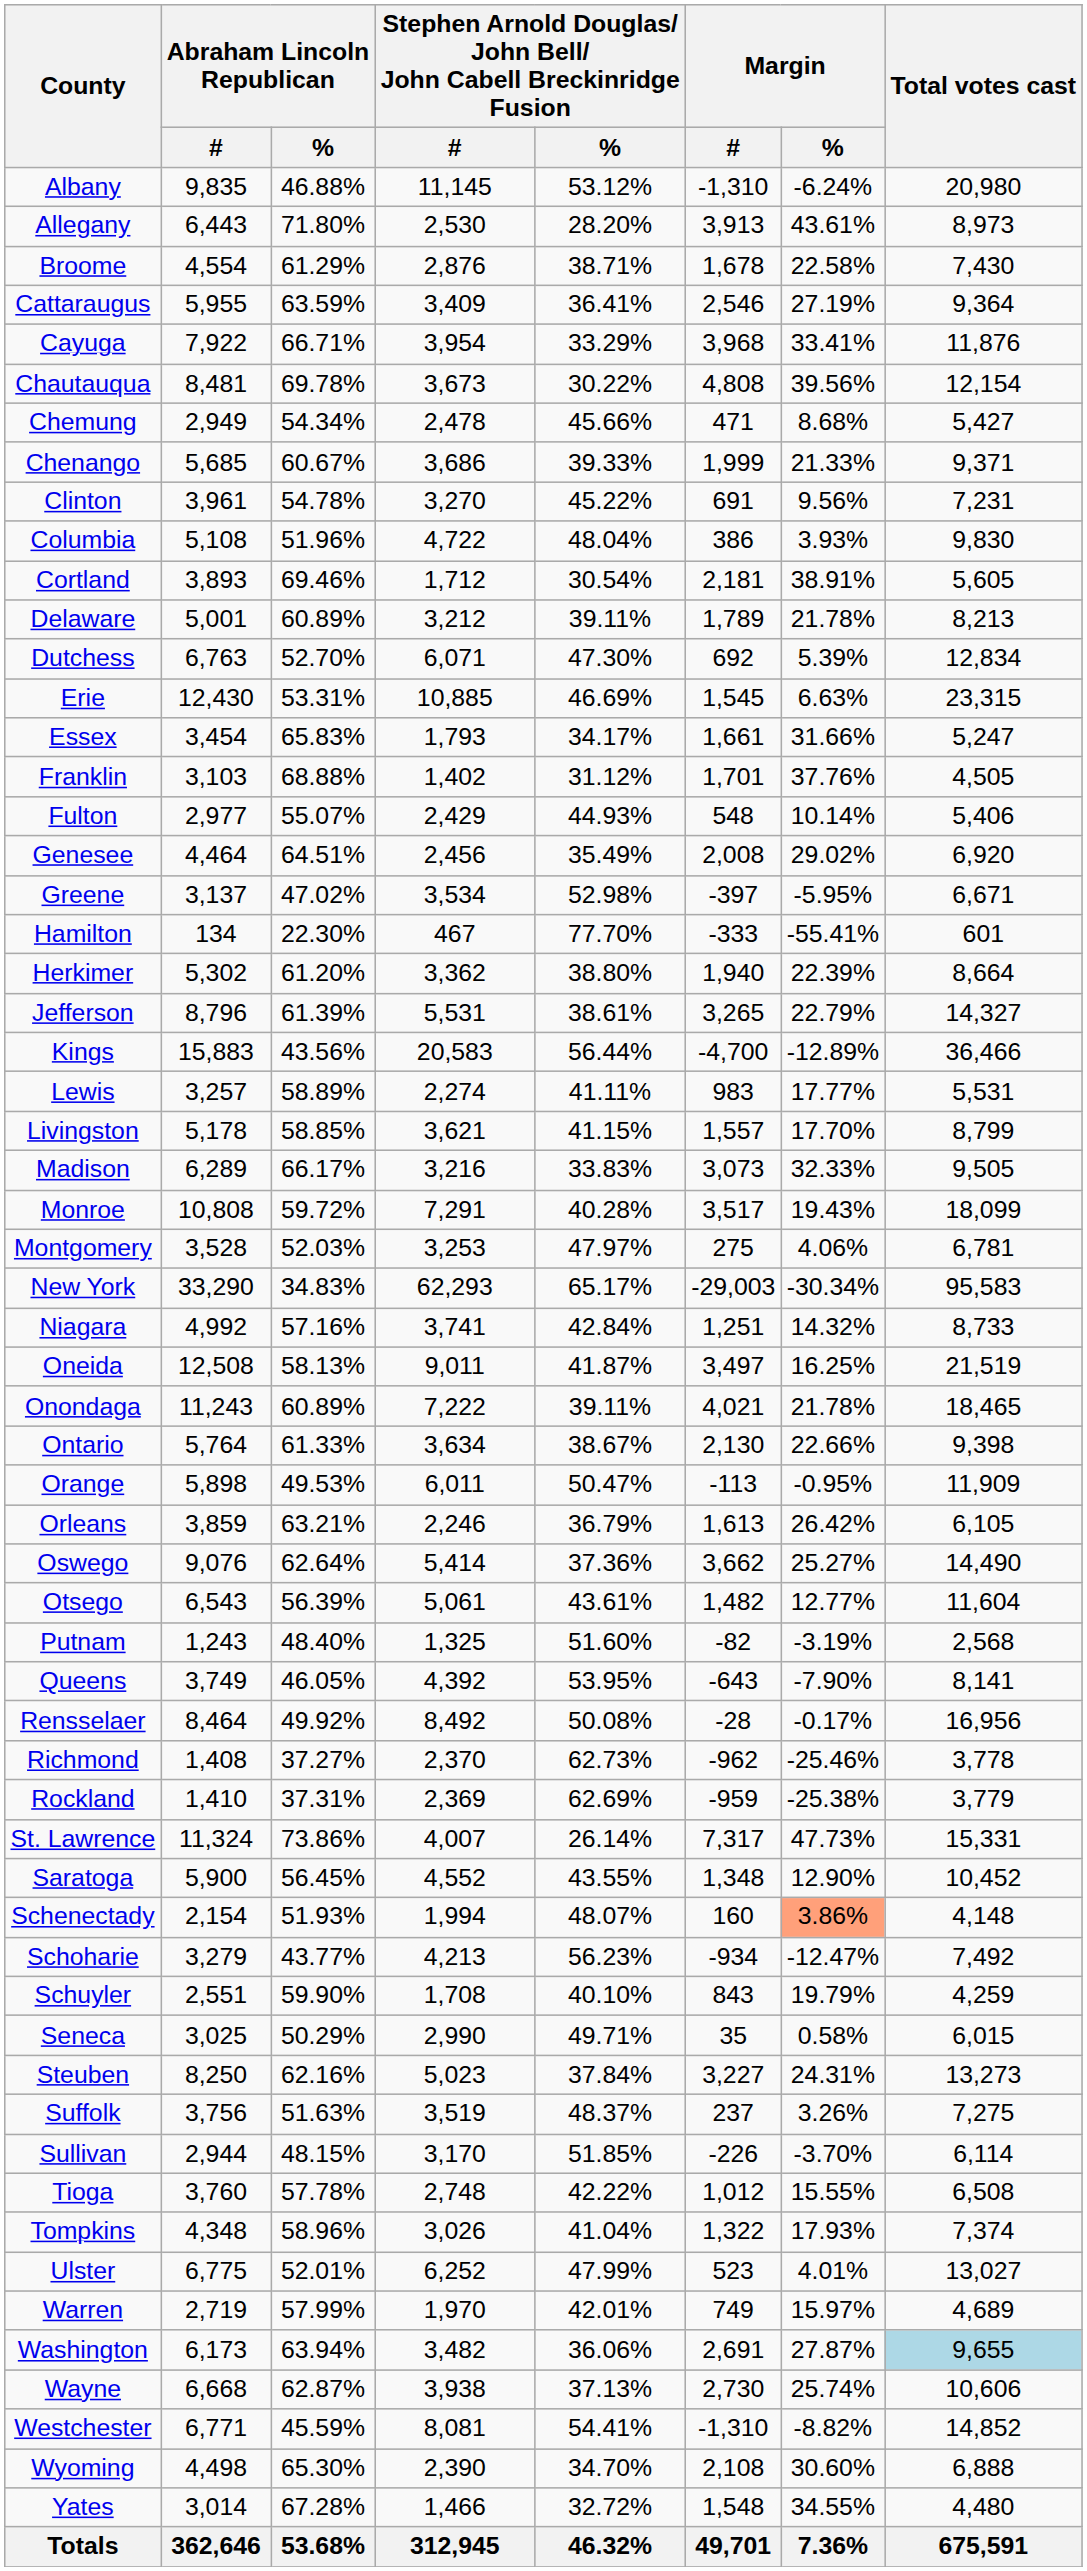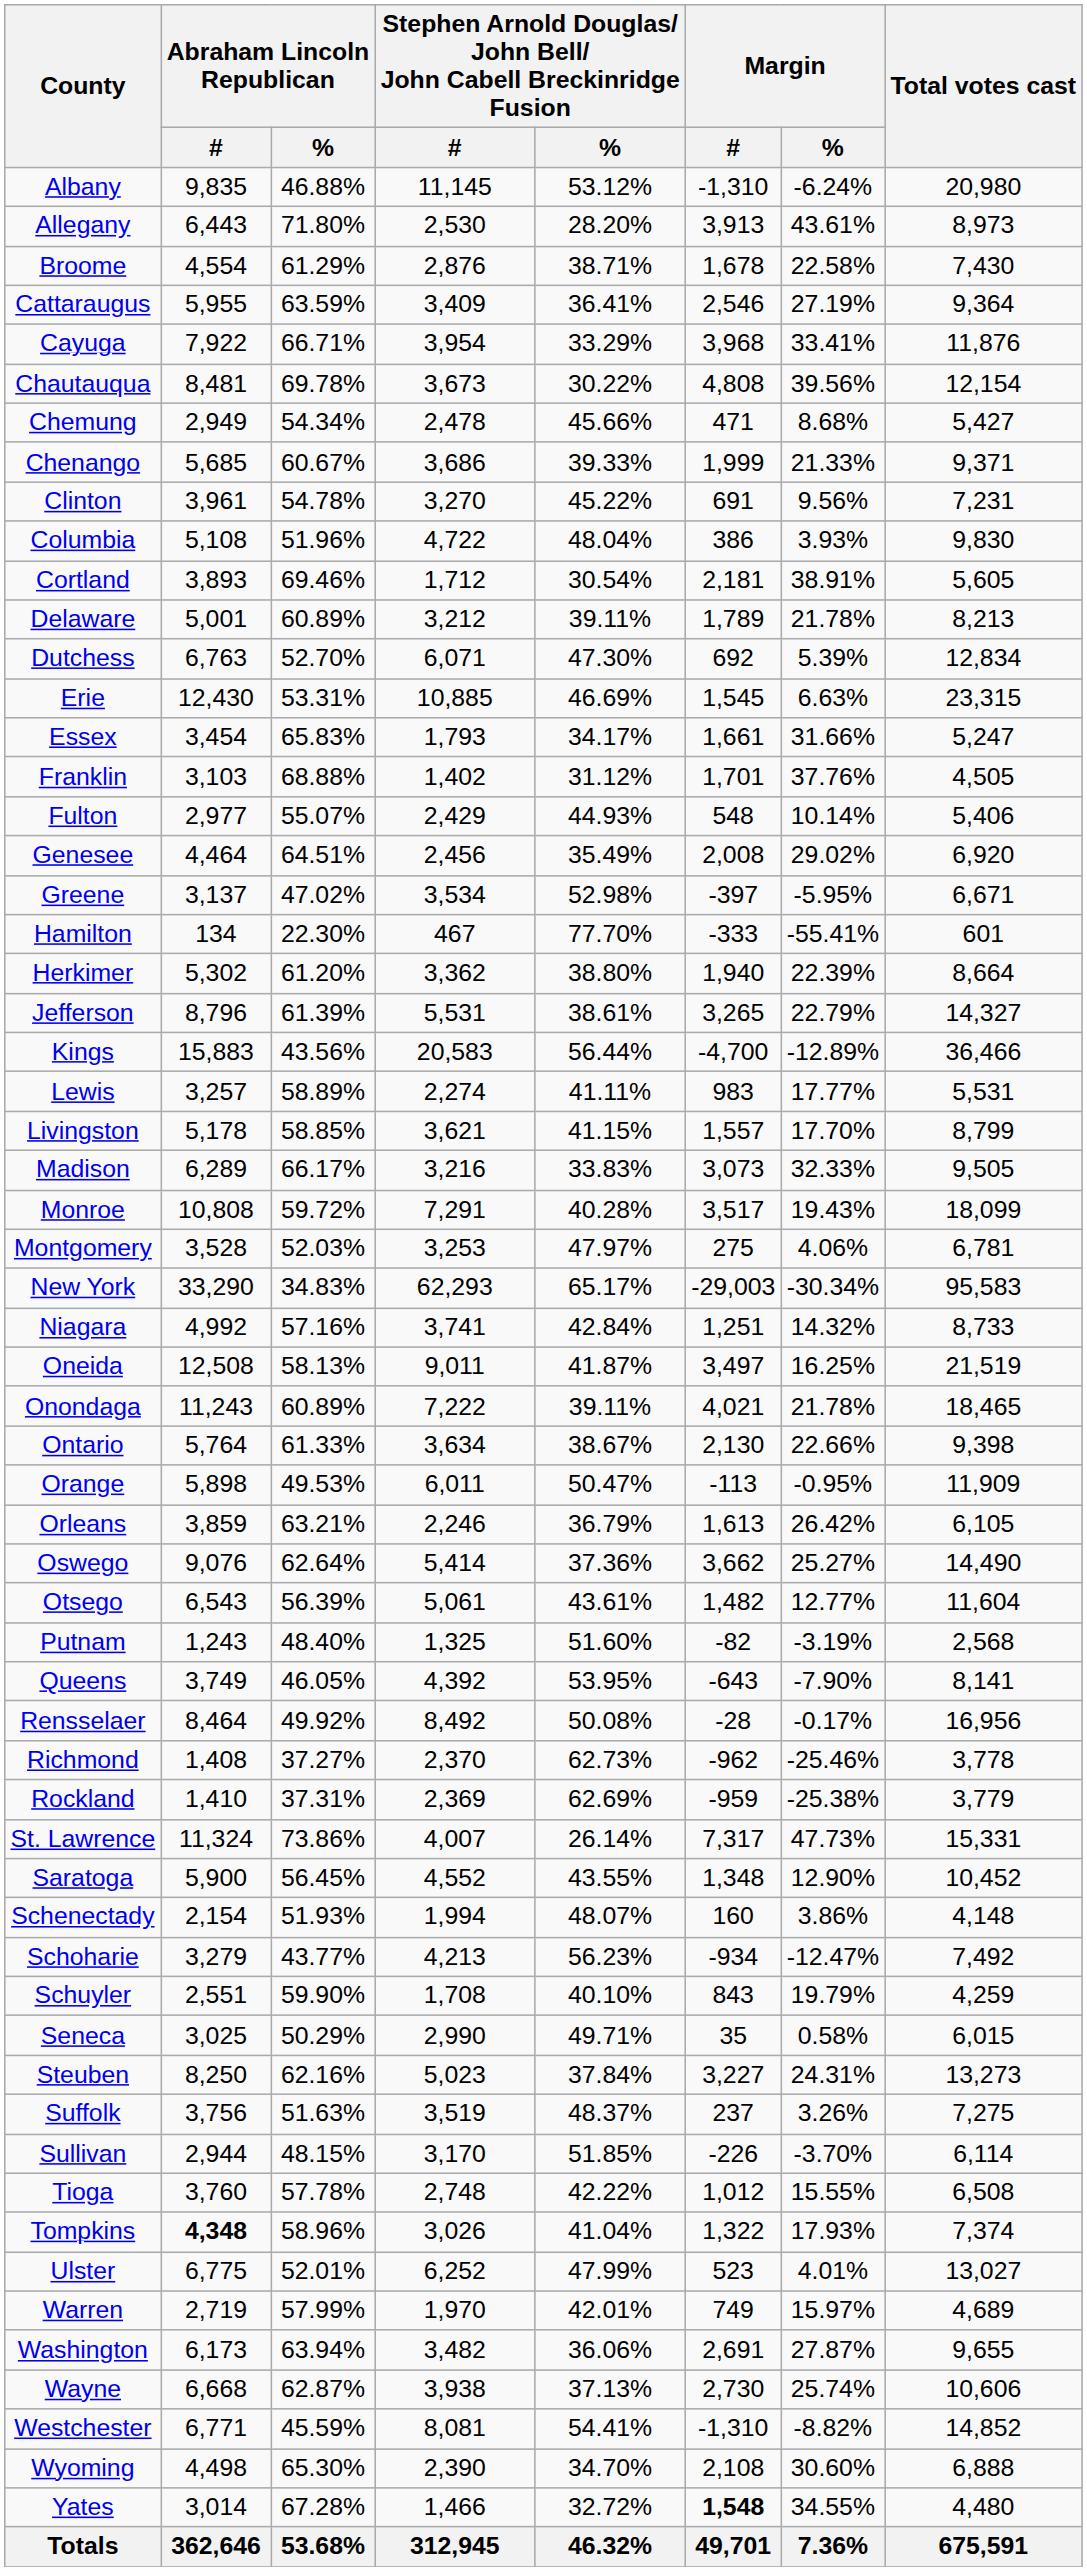 <table class="wikitable sortable">
 <tr>
 <th rowspan="2">County</th>
 <th colspan="2">Abraham Lincoln<br>Republican</th>
 <th colspan="2">Stephen Arnold Douglas/<br>John Bell/<br>John Cabell Breckinridge<br>Fusion</th>
 <th colspan="2">Margin</th>
 <th rowspan="2">Total votes cast</th>
 </tr>
 <tr>
 <th data-sort-type="number">#</th>
 <th data-sort-type="number">%</th>
 <th data-sort-type="number">#</th>
 <th data-sort-type="number">%</th>
 <th data-sort-type="number">#</th>
 <th data-sort-type="number">%</th>
 </tr>
 <tr style="text-align:center">
 <td><a href='#'>Albany</a></td>
 <td>9,835</td>
 <td>46.88%</td>
 <td>11,145</td>
 <td>53.12%</td>
 <td>-1,310</td>
 <td>-6.24%</td>
 <td>20,980</td>
 </tr>
 <tr style="text-align:center">
 <td><a href='#'>Allegany</a></td>
 <td>6,443</td>
 <td>71.80%</td>
 <td>2,530</td>
 <td>28.20%</td>
 <td>3,913</td>
 <td>43.61%</td>
 <td>8,973</td>
 </tr>
 <tr style="text-align:center">
 <td><a href='#'>Broome</a></td>
 <td>4,554</td>
 <td>61.29%</td>
 <td>2,876</td>
 <td>38.71%</td>
 <td>1,678</td>
 <td>22.58%</td>
 <td>7,430</td>
 </tr>
 <tr style="text-align:center">
 <td><a href='#'>Cattaraugus</a></td>
 <td>5,955</td>
 <td>63.59%</td>
 <td>3,409</td>
 <td>36.41%</td>
 <td>2,546</td>
 <td>27.19%</td>
 <td>9,364</td>
 </tr>
 <tr style="text-align:center">
 <td><a href='#'>Cayuga</a></td>
 <td>7,922</td>
 <td>66.71%</td>
 <td>3,954</td>
 <td>33.29%</td>
 <td>3,968</td>
 <td>33.41%</td>
 <td>11,876</td>
 </tr>
 <tr style="text-align:center">
 <td><a href='#'>Chautauqua</a></td>
 <td>8,481</td>
 <td>69.78%</td>
 <td>3,673</td>
 <td>30.22%</td>
 <td>4,808</td>
 <td>39.56%</td>
 <td>12,154</td>
 </tr>
 <tr style="text-align:center">
 <td><a href='#'>Chemung</a></td>
 <td>2,949</td>
 <td>54.34%</td>
 <td>2,478</td>
 <td>45.66%</td>
 <td>471</td>
 <td>8.68%</td>
 <td>5,427</td>
 </tr>
 <tr style="text-align:center">
 <td><a href='#'>Chenango</a></td>
 <td>5,685</td>
 <td>60.67%</td>
 <td>3,686</td>
 <td>39.33%</td>
 <td>1,999</td>
 <td>21.33%</td>
 <td>9,371</td>
 </tr>
 <tr style="text-align:center">
 <td><a href='#'>Clinton</a></td>
 <td>3,961</td>
 <td>54.78%</td>
 <td>3,270</td>
 <td>45.22%</td>
 <td>691</td>
 <td>9.56%</td>
 <td>7,231</td>
 </tr>
 <tr style="text-align:center">
 <td><a href='#'>Columbia</a></td>
 <td>5,108</td>
 <td>51.96%</td>
 <td>4,722</td>
 <td>48.04%</td>
 <td>386</td>
 <td>3.93%</td>
 <td>9,830</td>
 </tr>
 <tr style="text-align:center">
 <td><a href='#'>Cortland</a></td>
 <td>3,893</td>
 <td>69.46%</td>
 <td>1,712</td>
 <td>30.54%</td>
 <td>2,181</td>
 <td>38.91%</td>
 <td>5,605</td>
 </tr>
 <tr style="text-align:center">
 <td><a href='#'>Delaware</a></td>
 <td>5,001</td>
 <td>60.89%</td>
 <td>3,212</td>
 <td>39.11%</td>
 <td>1,789</td>
 <td>21.78%</td>
 <td>8,213</td>
 </tr>
 <tr style="text-align:center">
 <td><a href='#'>Dutchess</a></td>
 <td>6,763</td>
 <td>52.70%</td>
 <td>6,071</td>
 <td>47.30%</td>
 <td>692</td>
 <td>5.39%</td>
 <td>12,834</td>
 </tr>
 <tr style="text-align:center">
 <td><a href='#'>Erie</a></td>
 <td>12,430</td>
 <td>53.31%</td>
 <td>10,885</td>
 <td>46.69%</td>
 <td>1,545</td>
 <td>6.63%</td>
 <td>23,315</td>
 </tr>
 <tr style="text-align:center">
 <td><a href='#'>Essex</a></td>
 <td>3,454</td>
 <td>65.83%</td>
 <td>1,793</td>
 <td>34.17%</td>
 <td>1,661</td>
 <td>31.66%</td>
 <td>5,247</td>
 </tr>
 <tr style="text-align:center">
 <td><a href='#'>Franklin</a></td>
 <td>3,103</td>
 <td>68.88%</td>
 <td>1,402</td>
 <td>31.12%</td>
 <td>1,701</td>
 <td>37.76%</td>
 <td>4,505</td>
 </tr>
 <tr style="text-align:center">
 <td><a href='#'>Fulton</a></td>
 <td>2,977</td>
 <td>55.07%</td>
 <td>2,429</td>
 <td>44.93%</td>
 <td>548</td>
 <td>10.14%</td>
 <td>5,406</td>
 </tr>
 <tr style="text-align:center">
 <td><a href='#'>Genesee</a></td>
 <td>4,464</td>
 <td>64.51%</td>
 <td>2,456</td>
 <td>35.49%</td>
 <td>2,008</td>
 <td>29.02%</td>
 <td>6,920</td>
 </tr>
 <tr style="text-align:center">
 <td><a href='#'>Greene</a></td>
 <td>3,137</td>
 <td>47.02%</td>
 <td>3,534</td>
 <td>52.98%</td>
 <td>-397</td>
 <td>-5.95%</td>
 <td>6,671</td>
 </tr>
 <tr style="text-align:center">
 <td><a href='#'>Hamilton</a></td>
 <td>134</td>
 <td>22.30%</td>
 <td>467</td>
 <td>77.70%</td>
 <td>-333</td>
 <td>-55.41%</td>
 <td>601</td>
 </tr>
 <tr style="text-align:center">
 <td><a href='#'>Herkimer</a></td>
 <td>5,302</td>
 <td>61.20%</td>
 <td>3,362</td>
 <td>38.80%</td>
 <td>1,940</td>
 <td>22.39%</td>
 <td>8,664</td>
 </tr>
 <tr style="text-align:center">
 <td><a href='#'>Jefferson</a></td>
 <td>8,796</td>
 <td>61.39%</td>
 <td>5,531</td>
 <td>38.61%</td>
 <td>3,265</td>
 <td>22.79%</td>
 <td>14,327</td>
 </tr>
 <tr style="text-align:center">
 <td><a href='#'>Kings</a></td>
 <td>15,883</td>
 <td>43.56%</td>
 <td>20,583</td>
 <td>56.44%</td>
 <td>-4,700</td>
 <td>-12.89%</td>
 <td>36,466</td>
 </tr>
 <tr style="text-align:center">
 <td><a href='#'>Lewis</a></td>
 <td>3,257</td>
 <td>58.89%</td>
 <td>2,274</td>
 <td>41.11%</td>
 <td>983</td>
 <td>17.77%</td>
 <td>5,531</td>
 </tr>
 <tr style="text-align:center">
 <td><a href='#'>Livingston</a></td>
 <td>5,178</td>
 <td>58.85%</td>
 <td>3,621</td>
 <td>41.15%</td>
 <td>1,557</td>
 <td>17.70%</td>
 <td>8,799</td>
 </tr>
 <tr style="text-align:center">
 <td><a href='#'>Madison</a></td>
 <td>6,289</td>
 <td>66.17%</td>
 <td>3,216</td>
 <td>33.83%</td>
 <td>3,073</td>
 <td>32.33%</td>
 <td>9,505</td>
 </tr>
 <tr style="text-align:center">
 <td><a href='#'>Monroe</a></td>
 <td>10,808</td>
 <td>59.72%</td>
 <td>7,291</td>
 <td>40.28%</td>
 <td>3,517</td>
 <td>19.43%</td>
 <td>18,099</td>
 </tr>
 <tr style="text-align:center">
 <td><a href='#'>Montgomery</a></td>
 <td>3,528</td>
 <td>52.03%</td>
 <td>3,253</td>
 <td>47.97%</td>
 <td>275</td>
 <td>4.06%</td>
 <td>6,781</td>
 </tr>
 <tr style="text-align:center">
 <td><a href='#'>New York</a></td>
 <td>33,290</td>
 <td>34.83%</td>
 <td>62,293</td>
 <td>65.17%</td>
 <td>-29,003</td>
 <td>-30.34%</td>
 <td>95,583</td>
 </tr>
 <tr style="text-align:center">
 <td><a href='#'>Niagara</a></td>
 <td>4,992</td>
 <td>57.16%</td>
 <td>3,741</td>
 <td>42.84%</td>
 <td>1,251</td>
 <td>14.32%</td>
 <td>8,733</td>
 </tr>
 <tr style="text-align:center">
 <td><a href='#'>Oneida</a></td>
 <td>12,508</td>
 <td>58.13%</td>
 <td>9,011</td>
 <td>41.87%</td>
 <td>3,497</td>
 <td>16.25%</td>
 <td>21,519</td>
 </tr>
 <tr style="text-align:center">
 <td><a href='#'>Onondaga</a></td>
 <td>11,243</td>
 <td>60.89%</td>
 <td>7,222</td>
 <td>39.11%</td>
 <td>4,021</td>
 <td>21.78%</td>
 <td>18,465</td>
 </tr>
 <tr style="text-align:center">
 <td><a href='#'>Ontario</a></td>
 <td>5,764</td>
 <td>61.33%</td>
 <td>3,634</td>
 <td>38.67%</td>
 <td>2,130</td>
 <td>22.66%</td>
 <td>9,398</td>
 </tr>
 <tr style="text-align:center">
 <td><a href='#'>Orange</a></td>
 <td>5,898</td>
 <td>49.53%</td>
 <td>6,011</td>
 <td>50.47%</td>
 <td>-113</td>
 <td>-0.95%</td>
 <td>11,909</td>
 </tr>
 <tr style="text-align:center">
 <td><a href='#'>Orleans</a></td>
 <td>3,859</td>
 <td>63.21%</td>
 <td>2,246</td>
 <td>36.79%</td>
 <td>1,613</td>
 <td>26.42%</td>
 <td>6,105</td>
 </tr>
 <tr style="text-align:center">
 <td><a href='#'>Oswego</a></td>
 <td>9,076</td>
 <td>62.64%</td>
 <td>5,414</td>
 <td>37.36%</td>
 <td>3,662</td>
 <td>25.27%</td>
 <td>14,490</td>
 </tr>
 <tr style="text-align:center">
 <td><a href='#'>Otsego</a></td>
 <td>6,543</td>
 <td>56.39%</td>
 <td>5,061</td>
 <td>43.61%</td>
 <td>1,482</td>
 <td>12.77%</td>
 <td>11,604</td>
 </tr>
 <tr style="text-align:center">
 <td><a href='#'>Putnam</a></td>
 <td>1,243</td>
 <td>48.40%</td>
 <td>1,325</td>
 <td>51.60%</td>
 <td>-82</td>
 <td>-3.19%</td>
 <td>2,568</td>
 </tr>
 <tr style="text-align:center">
 <td><a href='#'>Queens</a></td>
 <td>3,749</td>
 <td>46.05%</td>
 <td>4,392</td>
 <td>53.95%</td>
 <td>-643</td>
 <td>-7.90%</td>
 <td>8,141</td>
 </tr>
 <tr style="text-align:center">
 <td><a href='#'>Rensselaer</a></td>
 <td>8,464</td>
 <td>49.92%</td>
 <td>8,492</td>
 <td>50.08%</td>
 <td>-28</td>
 <td>-0.17%</td>
 <td>16,956</td>
 </tr>
 <tr style="text-align:center">
 <td><a href='#'>Richmond</a></td>
 <td>1,408</td>
 <td>37.27%</td>
 <td>2,370</td>
 <td>62.73%</td>
 <td>-962</td>
 <td>-25.46%</td>
 <td>3,778</td>
 </tr>
 <tr style="text-align:center">
 <td><a href='#'>Rockland</a></td>
 <td>1,410</td>
 <td>37.31%</td>
 <td>2,369</td>
 <td>62.69%</td>
 <td>-959</td>
 <td>-25.38%</td>
 <td>3,779</td>
 </tr>
 <tr style="text-align:center">
 <td><a href='#'>St. Lawrence</a></td>
 <td>11,324</td>
 <td>73.86%</td>
 <td>4,007</td>
 <td>26.14%</td>
 <td>7,317</td>
 <td>47.73%</td>
 <td>15,331</td>
 </tr>
 <tr style="text-align:center">
 <td><a href='#'>Saratoga</a></td>
 <td>5,900</td>
 <td>56.45%</td>
 <td>4,552</td>
 <td>43.55%</td>
 <td>1,348</td>
 <td>12.90%</td>
 <td>10,452</td>
 </tr>
 <tr style="text-align:center">
 <td><a href='#'>Schenectady</a></td>
 <td>2,154</td>
 <td>51.93%</td>
 <td>1,994</td>
 <td>48.07%</td>
 <td>160</td>
-<td style="background: lightsalmon;">3.86%</td>
+<td>3.86%</td>
 <td>4,148</td>
 </tr>
 <tr style="text-align:center">
 <td><a href='#'>Schoharie</a></td>
 <td>3,279</td>
 <td>43.77%</td>
 <td>4,213</td>
 <td>56.23%</td>
 <td>-934</td>
 <td>-12.47%</td>
 <td>7,492</td>
 </tr>
 <tr style="text-align:center">
 <td><a href='#'>Schuyler</a></td>
 <td>2,551</td>
 <td>59.90%</td>
 <td>1,708</td>
 <td>40.10%</td>
 <td>843</td>
 <td>19.79%</td>
 <td>4,259</td>
 </tr>
 <tr style="text-align:center">
 <td><a href='#'>Seneca</a></td>
 <td>3,025</td>
 <td>50.29%</td>
 <td>2,990</td>
 <td>49.71%</td>
 <td>35</td>
 <td>0.58%</td>
 <td>6,015</td>
 </tr>
 <tr style="text-align:center">
 <td><a href='#'>Steuben</a></td>
 <td>8,250</td>
 <td>62.16%</td>
 <td>5,023</td>
 <td>37.84%</td>
 <td>3,227</td>
 <td>24.31%</td>
 <td>13,273</td>
 </tr>
 <tr style="text-align:center">
 <td><a href='#'>Suffolk</a></td>
 <td>3,756</td>
 <td>51.63%</td>
 <td>3,519</td>
 <td>48.37%</td>
 <td>237</td>
 <td>3.26%</td>
 <td>7,275</td>
 </tr>
 <tr style="text-align:center">
 <td><a href='#'>Sullivan</a></td>
 <td>2,944</td>
 <td>48.15%</td>
 <td>3,170</td>
 <td>51.85%</td>
 <td>-226</td>
 <td>-3.70%</td>
 <td>6,114</td>
 </tr>
 <tr style="text-align:center">
 <td><a href='#'>Tioga</a></td>
 <td>3,760</td>
 <td>57.78%</td>
 <td>2,748</td>
 <td>42.22%</td>
 <td>1,012</td>
 <td>15.55%</td>
 <td>6,508</td>
 </tr>
 <tr style="text-align:center">
 <td><a href='#'>Tompkins</a></td>
-<td>4,348</td>
+<td><strong>4,348</strong></td>
 <td>58.96%</td>
 <td>3,026</td>
 <td>41.04%</td>
 <td>1,322</td>
 <td>17.93%</td>
 <td>7,374</td>
 </tr>
 <tr style="text-align:center">
 <td><a href='#'>Ulster</a></td>
 <td>6,775</td>
 <td>52.01%</td>
 <td>6,252</td>
 <td>47.99%</td>
 <td>523</td>
 <td>4.01%</td>
 <td>13,027</td>
 </tr>
 <tr style="text-align:center">
 <td><a href='#'>Warren</a></td>
 <td>2,719</td>
 <td>57.99%</td>
 <td>1,970</td>
 <td>42.01%</td>
 <td>749</td>
 <td>15.97%</td>
 <td>4,689</td>
 </tr>
 <tr style="text-align:center">
 <td><a href='#'>Washington</a></td>
 <td>6,173</td>
 <td>63.94%</td>
 <td>3,482</td>
 <td>36.06%</td>
 <td>2,691</td>
 <td>27.87%</td>
-<td style="background: lightblue;">9,655</td>
+<td>9,655</td>
 </tr>
 <tr style="text-align:center">
 <td><a href='#'>Wayne</a></td>
 <td>6,668</td>
 <td>62.87%</td>
 <td>3,938</td>
 <td>37.13%</td>
 <td>2,730</td>
 <td>25.74%</td>
 <td>10,606</td>
 </tr>
 <tr style="text-align:center">
 <td><a href='#'>Westchester</a></td>
 <td>6,771</td>
 <td>45.59%</td>
 <td>8,081</td>
 <td>54.41%</td>
 <td>-1,310</td>
 <td>-8.82%</td>
 <td>14,852</td>
 </tr>
 <tr style="text-align:center">
 <td><a href='#'>Wyoming</a></td>
 <td>4,498</td>
 <td>65.30%</td>
 <td>2,390</td>
 <td>34.70%</td>
 <td>2,108</td>
 <td>30.60%</td>
 <td>6,888</td>
 </tr>
 <tr style="text-align:center">
 <td><a href='#'>Yates</a></td>
 <td>3,014</td>
 <td>67.28%</td>
 <td>1,466</td>
 <td>32.72%</td>
-<td>1,548</td>
+<td><strong>1,548</strong></td>
 <td>34.55%</td>
 <td>4,480</td>
 </tr>
 <tr>
 <th>Totals</th>
 <th>362,646</th>
 <th>53.68%</th>
 <th>312,945</th>
 <th>46.32%</th>
 <th>49,701</th>
 <th>7.36%</th>
 <th>675,591</th>
 </tr>
 </table>
